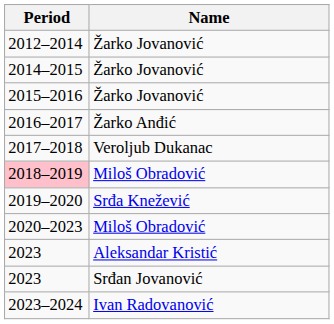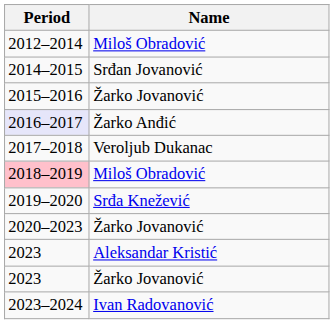 <table class="wikitable">
 <tr>
 <th width="75">Period</th>
 <th width="225">Name</th>
 </tr>
 <tr>
 <td>2012–2014</td>
-<td> Žarko Jovanović</td>
+<td> <a href='#'>Miloš Obradović</a></td>
 </tr>
 <tr>
 <td>2014–2015</td>
-<td> Žarko Jovanović</td>
+<td> Srđan Jovanović</td>
 </tr>
 <tr>
 <td>2015–2016</td>
 <td> Žarko Jovanović</td>
 </tr>
 <tr>
-<td>2016–2017</td>
+<td style="background: lavender;">2016–2017</td>
 <td> Žarko Anđić</td>
 </tr>
 <tr>
 <td>2017–2018</td>
 <td> Veroljub Dukanac</td>
 </tr>
 <tr>
 <td style="background: pink;">2018–2019</td>
 <td> <a href='#'>Miloš Obradović</a></td>
 </tr>
 <tr>
 <td>2019–2020</td>
 <td> <a href='#'>Srđa Knežević</a></td>
 </tr>
 <tr>
 <td>2020–2023</td>
-<td> <a href='#'>Miloš Obradović</a></td>
+<td> Žarko Jovanović</td>
 </tr>
 <tr>
 <td>2023</td>
 <td> <a href='#'>Aleksandar Kristić</a></td>
 </tr>
 <tr>
 <td>2023</td>
-<td> Srđan Jovanović</td>
+<td> Žarko Jovanović</td>
 </tr>
 <tr>
 <td>2023–2024</td>
 <td> <a href='#'>Ivan Radovanović</a></td>
 </tr>
 </table>
